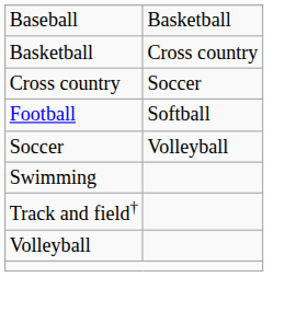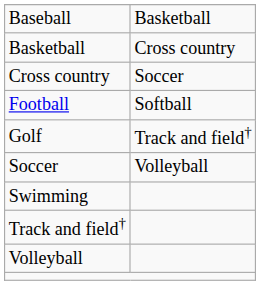 <table class="wikitable" style=" ">
 <tr>
 </tr>
 <tr>
 <td>Baseball</td>
 <td>Basketball</td>
 </tr>
 <tr>
 <td>Basketball</td>
 <td>Cross country</td>
 </tr>
 <tr>
 <td>Cross country</td>
 <td>Soccer</td>
 </tr>
 <tr>
 <td><a href='#'>Football</a></td>
 <td>Softball</td>
+</tr>
+<tr>
+<td>Golf</td>
+<td>Track and field<sup>†</sup></td>
 </tr>
 <tr>
 <td>Soccer</td>
 <td>Volleyball</td>
 </tr>
 <tr>
 <td>Swimming</td>
 <td></td>
 </tr>
 <tr>
 <td>Track and field<sup>†</sup></td>
 <td></td>
 </tr>
 <tr>
 <td>Volleyball</td>
 <td></td>
 </tr>
 <tr>
 <td colspan="2"></td>
 </tr>
 </table>
